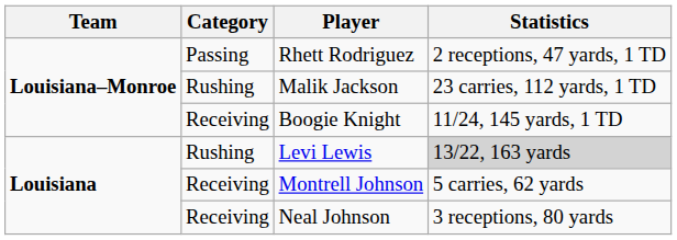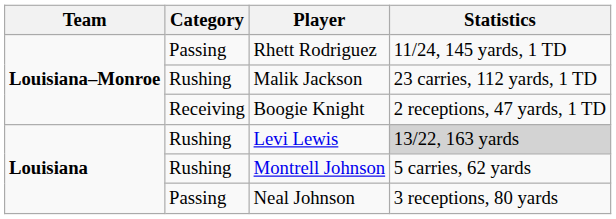 <table class="wikitable" style="float: left;">
 <tr>
 <th>Team</th>
 <th>Category</th>
 <th>Player</th>
 <th>Statistics</th>
 </tr>
 <tr>
 <td rowspan=3><strong>Louisiana–Monroe</strong></td>
 <td>Passing</td>
 <td>Rhett Rodriguez</td>
-<td>2 receptions, 47 yards, 1 TD</td>
+<td>11/24, 145 yards, 1 TD</td>
 </tr>
 <tr>
 <td>Rushing</td>
 <td>Malik Jackson</td>
 <td>23 carries, 112 yards, 1 TD</td>
 </tr>
 <tr>
 <td>Receiving</td>
 <td>Boogie Knight</td>
-<td>11/24, 145 yards, 1 TD</td>
+<td>2 receptions, 47 yards, 1 TD</td>
 </tr>
 <tr>
 <td rowspan=3><strong>Louisiana</strong></td>
 <td>Rushing</td>
 <td><a href='#'>Levi Lewis</a></td>
 <td style="background: lightgrey;">13/22, 163 yards</td>
 </tr>
 <tr>
-<td>Receiving</td>
+<td>Rushing</td>
 <td><a href='#'>Montrell Johnson</a></td>
 <td>5 carries, 62 yards</td>
 </tr>
 <tr>
-<td>Receiving</td>
+<td>Passing</td>
 <td>Neal Johnson</td>
 <td>3 receptions, 80 yards</td>
 </tr>
 </table>
